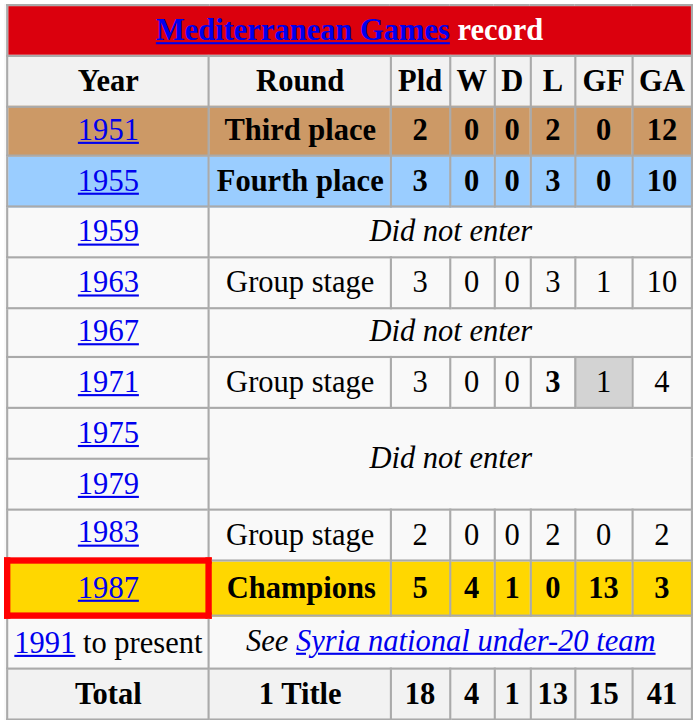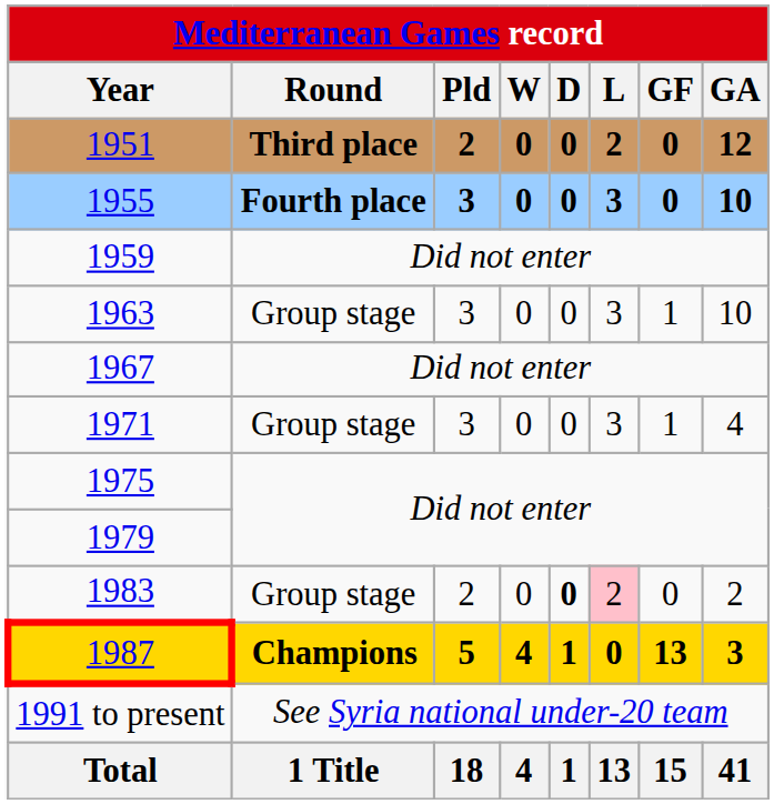 <table class="wikitable" style="text-align: center;font-size:90%;">
 <tr>
 <th colspan=9 style="background: #db000d; color: #FFFFFF;"><a href='#'>Mediterranean Games</a> record</th>
 </tr>
 <tr>
 <th>Year</th>
 <th>Round</th>
 <th>Pld</th>
 <th>W</th>
 <th>D</th>
 <th>L</th>
 <th>GF</th>
 <th>GA</th>
 </tr>
 <tr style="background:#c96;">
 <td> <a href='#'>1951</a></td>
 <td><strong>Third place</strong></td>
 <td><strong>2</strong></td>
 <td><strong>0</strong></td>
 <td><strong>0</strong></td>
 <td><strong>2</strong></td>
 <td><strong>0</strong></td>
 <td><strong>12</strong></td>
 </tr>
 <tr style="background:#9acdff;">
 <td> <a href='#'>1955</a></td>
 <td><strong>Fourth place</strong></td>
 <td><strong>3</strong></td>
 <td><strong>0</strong></td>
 <td><strong>0</strong></td>
 <td><strong>3</strong></td>
 <td><strong>0</strong></td>
 <td><strong>10</strong></td>
 </tr>
 <tr>
 <td> <a href='#'>1959</a></td>
 <td colspan=7><em>Did not enter</em></td>
 </tr>
 <tr>
 <td> <a href='#'>1963</a></td>
 <td>Group stage</td>
 <td>3</td>
 <td>0</td>
 <td>0</td>
 <td>3</td>
 <td>1</td>
 <td>10</td>
 </tr>
 <tr>
 <td> <a href='#'>1967</a></td>
 <td colspan=7><em>Did not enter</em></td>
 </tr>
 <tr>
 <td> <a href='#'>1971</a></td>
 <td>Group stage</td>
 <td>3</td>
 <td>0</td>
 <td>0</td>
-<td><strong>3</strong></td>
-<td style="background: lightgrey;">1</td>
+<td>3</td>
+<td>1</td>
 <td>4</td>
 </tr>
 <tr>
 <td><a href='#'>1975</a></td>
 <td colspan=7 rowspan=2><em>Did not enter</em></td>
 </tr>
 <tr>
 <td> <a href='#'>1979</a></td>
 </tr>
 <tr>
 <td> <a href='#'>1983</a></td>
 <td>Group stage</td>
 <td>2</td>
 <td>0</td>
-<td>0</td>
-<td>2</td>
+<td><strong>0</strong></td>
+<td style="background: pink;">2</td>
 <td>0</td>
 <td>2</td>
 </tr>
 <tr bgcolor=gold>
 <td style="border: 3px solid red"> <a href='#'>1987</a></td>
 <td><strong>Champions</strong></td>
 <td><strong>5</strong></td>
 <td><strong>4</strong></td>
 <td><strong>1</strong></td>
 <td><strong>0</strong></td>
 <td><strong>13</strong></td>
 <td><strong>3</strong></td>
 </tr>
 <tr>
 <td> <a href='#'>1991</a> to present</td>
 <td colspan=9><em>See <a href='#'>Syria national under-20 team</a></em></td>
 </tr>
 <tr>
 <th><strong>Total</strong></th>
 <th><strong>1 Title</strong></th>
 <th><strong>18</strong></th>
 <th><strong>4</strong></th>
 <th><strong>1</strong></th>
 <th><strong>13</strong></th>
 <th><strong>15</strong></th>
 <th><strong>41</strong></th>
 </tr>
 </table>
